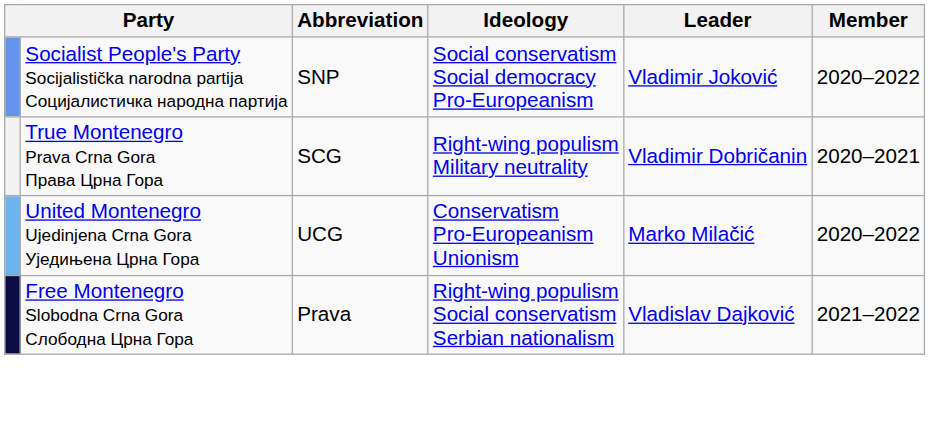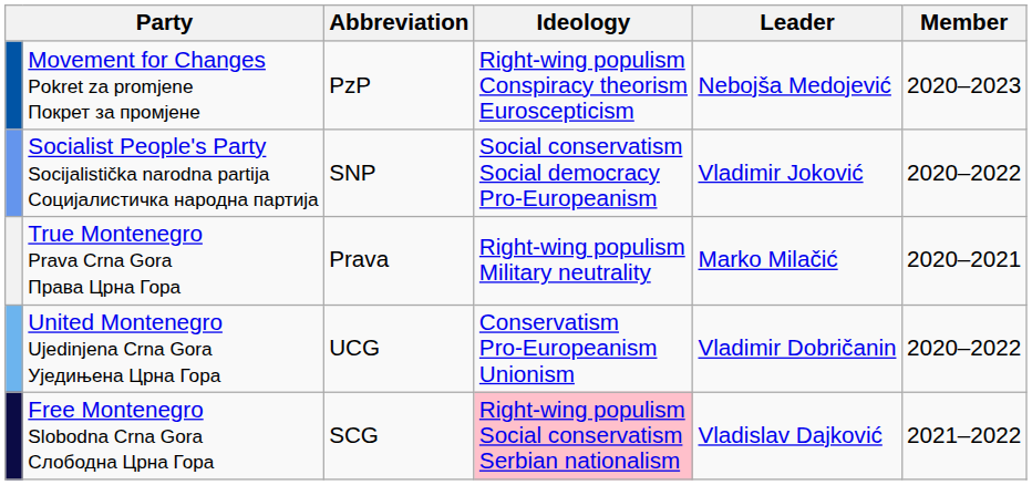 <table class="wikitable">
 <tr>
 <th colspan=2>Party</th>
 <th>Abbreviation</th>
 <th>Ideology</th>
 <th>Leader</th>
 <th>Member</th>
+</tr>
+<tr>
+<th style="background-color:#0054A5;"></th>
+<td><a href='#'>Movement for Changes</a><br><small>Pokret za promjene<br>Покрет за промјене</small></td>
+<td>PzP</td>
+<td><a href='#'>Right-wing populism</a><br><a href='#'>Conspiracy theorism</a><br><a href='#'>Euroscepticism</a></td>
+<td><a href='#'>Nebojša Medojević</a></td>
+<td>2020–2023</td>
 </tr>
 <tr>
 <th style="width:5px; background:cornflowerblue;"></th>
 <td><a href='#'>Socialist People's Party</a><br><small>Socijalistička narodna partija<br>Социјалистичка народна партија</small></td>
 <td>SNP</td>
 <td><a href='#'>Social conservatism</a><br><a href='#'>Social democracy</a><br><a href='#'>Pro-Europeanism</a></td>
 <td><a href='#'>Vladimir Joković</a></td>
 <td>2020–2022</td>
 </tr>
 <tr>
 <th style="background:"></th>
 <td><a href='#'>True Montenegro</a><br><small>Prava Crna Gora<br>Права Црна Гора</small></td>
-<td>SCG</td>
+<td>Prava</td>
 <td><a href='#'>Right-wing populism</a><br><a href='#'>Military neutrality</a></td>
-<td><a href='#'>Vladimir Dobričanin</a></td>
+<td><a href='#'>Marko Milačić</a></td>
 <td>2020–2021</td>
 </tr>
 <tr>
 <th style="background:#6CB4EE;"></th>
 <td><a href='#'>United Montenegro</a><br><small>Ujedinjena Crna Gora<br>Уједињена Црна Гора</small></td>
 <td>UCG</td>
 <td><a href='#'>Conservatism</a><br><a href='#'>Pro-Europeanism</a><br><a href='#'>Unionism</a></td>
-<td><a href='#'>Marko Milačić</a></td>
+<td><a href='#'>Vladimir Dobričanin</a></td>
 <td>2020–2022</td>
 </tr>
 <tr>
 <th style="width:5px; background:#0B0B45;"></th>
 <td><a href='#'>Free Montenegro</a><br><small>Slobodna Crna Gora<br>Слободна Црнa Горa</small></td>
-<td>Prava</td>
-<td><a href='#'>Right-wing populism</a><br><a href='#'>Social conservatism</a><br><a href='#'>Serbian nationalism</a></td>
+<td>SCG</td>
+<td style="background: pink;"><a href='#'>Right-wing populism</a><br><a href='#'>Social conservatism</a><br><a href='#'>Serbian nationalism</a></td>
 <td><a href='#'>Vladislav Dajković</a></td>
 <td>2021–2022</td>
 </tr>
 </table>
